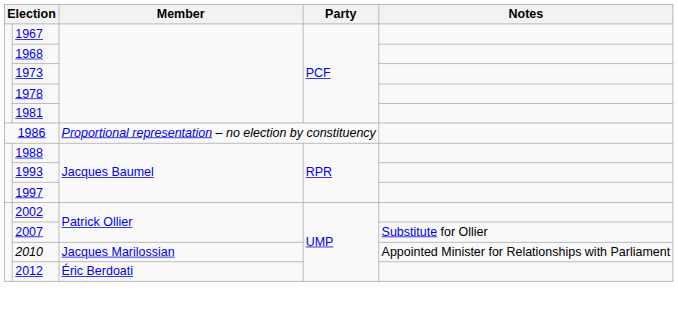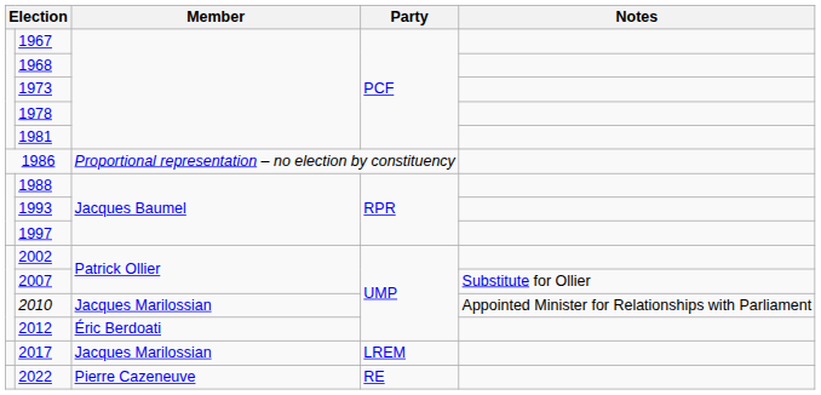 <table class="wikitable">
 <tr>
 <th colspan="2">Election</th>
 <th>Member</th>
 <th>Party</th>
 <th>Notes</th>
 </tr>
 <tr>
 <td rowspan="5" style="color:inherit;background-color: "></td>
 <td><a href='#'>1967</a></td>
 <td rowspan="5"></td>
 <td rowspan="5"><a href='#'>PCF</a></td>
 <td></td>
 </tr>
 <tr>
 <td><a href='#'>1968</a></td>
 <td></td>
 </tr>
 <tr>
 <td><a href='#'>1973</a></td>
 <td></td>
 </tr>
 <tr>
 <td><a href='#'>1978</a></td>
 <td></td>
 </tr>
 <tr>
 <td><a href='#'>1981</a></td>
 <td></td>
 </tr>
 <tr>
 <td colspan="2" align="center"><a href='#'>1986</a></td>
 <td colspan="2"><em><a href='#'>Proportional representation</a> – no election by constituency</em></td>
 </tr>
 <tr>
 <td rowspan="3" style="color:inherit;background-color: "></td>
 <td><a href='#'>1988</a></td>
 <td rowspan="3"><a href='#'>Jacques Baumel</a></td>
 <td rowspan="3"><a href='#'>RPR</a></td>
 <td></td>
 </tr>
 <tr>
 <td><a href='#'>1993</a></td>
 <td></td>
 </tr>
 <tr>
 <td><a href='#'>1997</a></td>
 <td></td>
 </tr>
 <tr>
 <td rowspan=4 style="color:inherit;background-color: "></td>
 <td><a href='#'>2002</a></td>
 <td rowspan=2><a href='#'>Patrick Ollier</a></td>
 <td rowspan=4><a href='#'>UMP</a></td>
 <td></td>
 </tr>
 <tr>
 <td><a href='#'>2007</a></td>
 <td><a href='#'>Substitute</a> for Ollier</td>
 </tr>
 <tr>
 <td><em>2010</em></td>
 <td><a href='#'>Jacques Marilossian</a></td>
 <td>Appointed Minister for Relationships with Parliament</td>
 </tr>
 <tr>
 <td><a href='#'>2012</a></td>
 <td><a href='#'>Éric Berdoati</a></td>
 <td></td>
 </tr>
+<tr>
+<td style="color:inherit;background-color: "></td>
+<td><a href='#'>2017</a></td>
+<td><a href='#'>Jacques Marilossian</a></td>
+<td><a href='#'>LREM</a></td>
+<td></td>
+</tr>
+<tr>
+<td style="color:inherit;background-color: "></td>
+<td><a href='#'>2022</a></td>
+<td><a href='#'>Pierre Cazeneuve</a></td>
+<td><a href='#'>RE</a></td>
+<td></td>
+</tr>
 </table>
